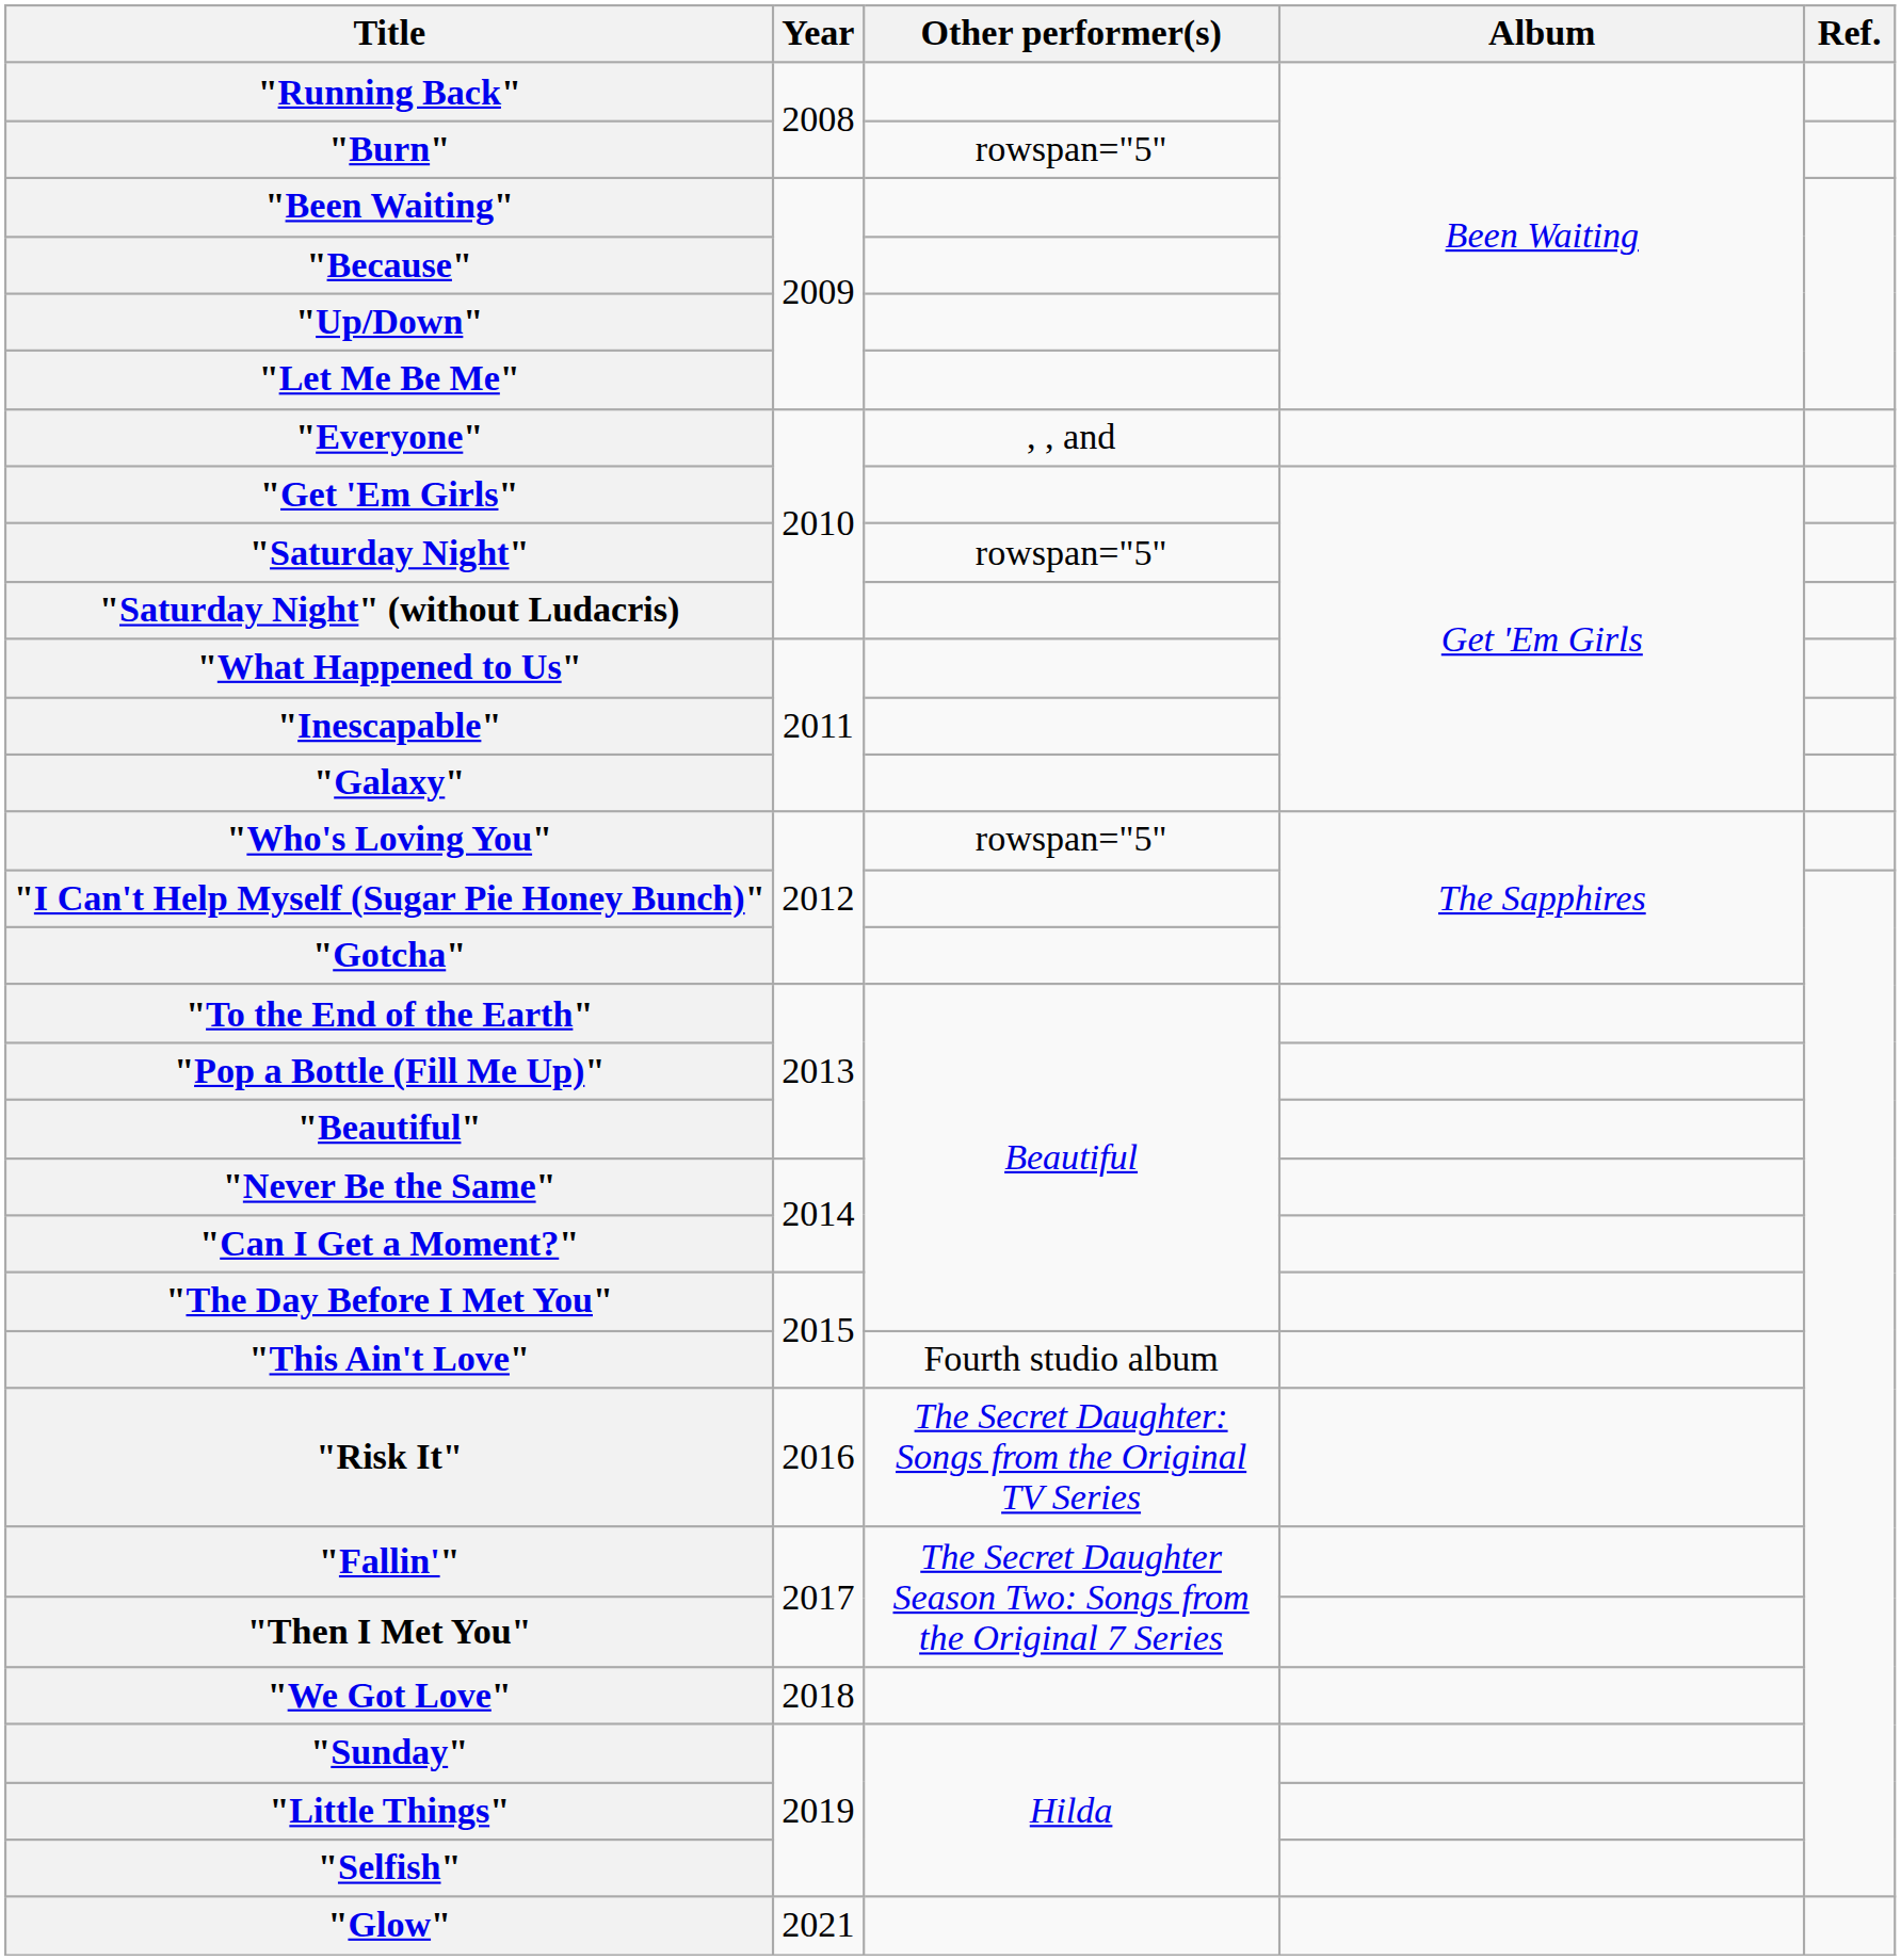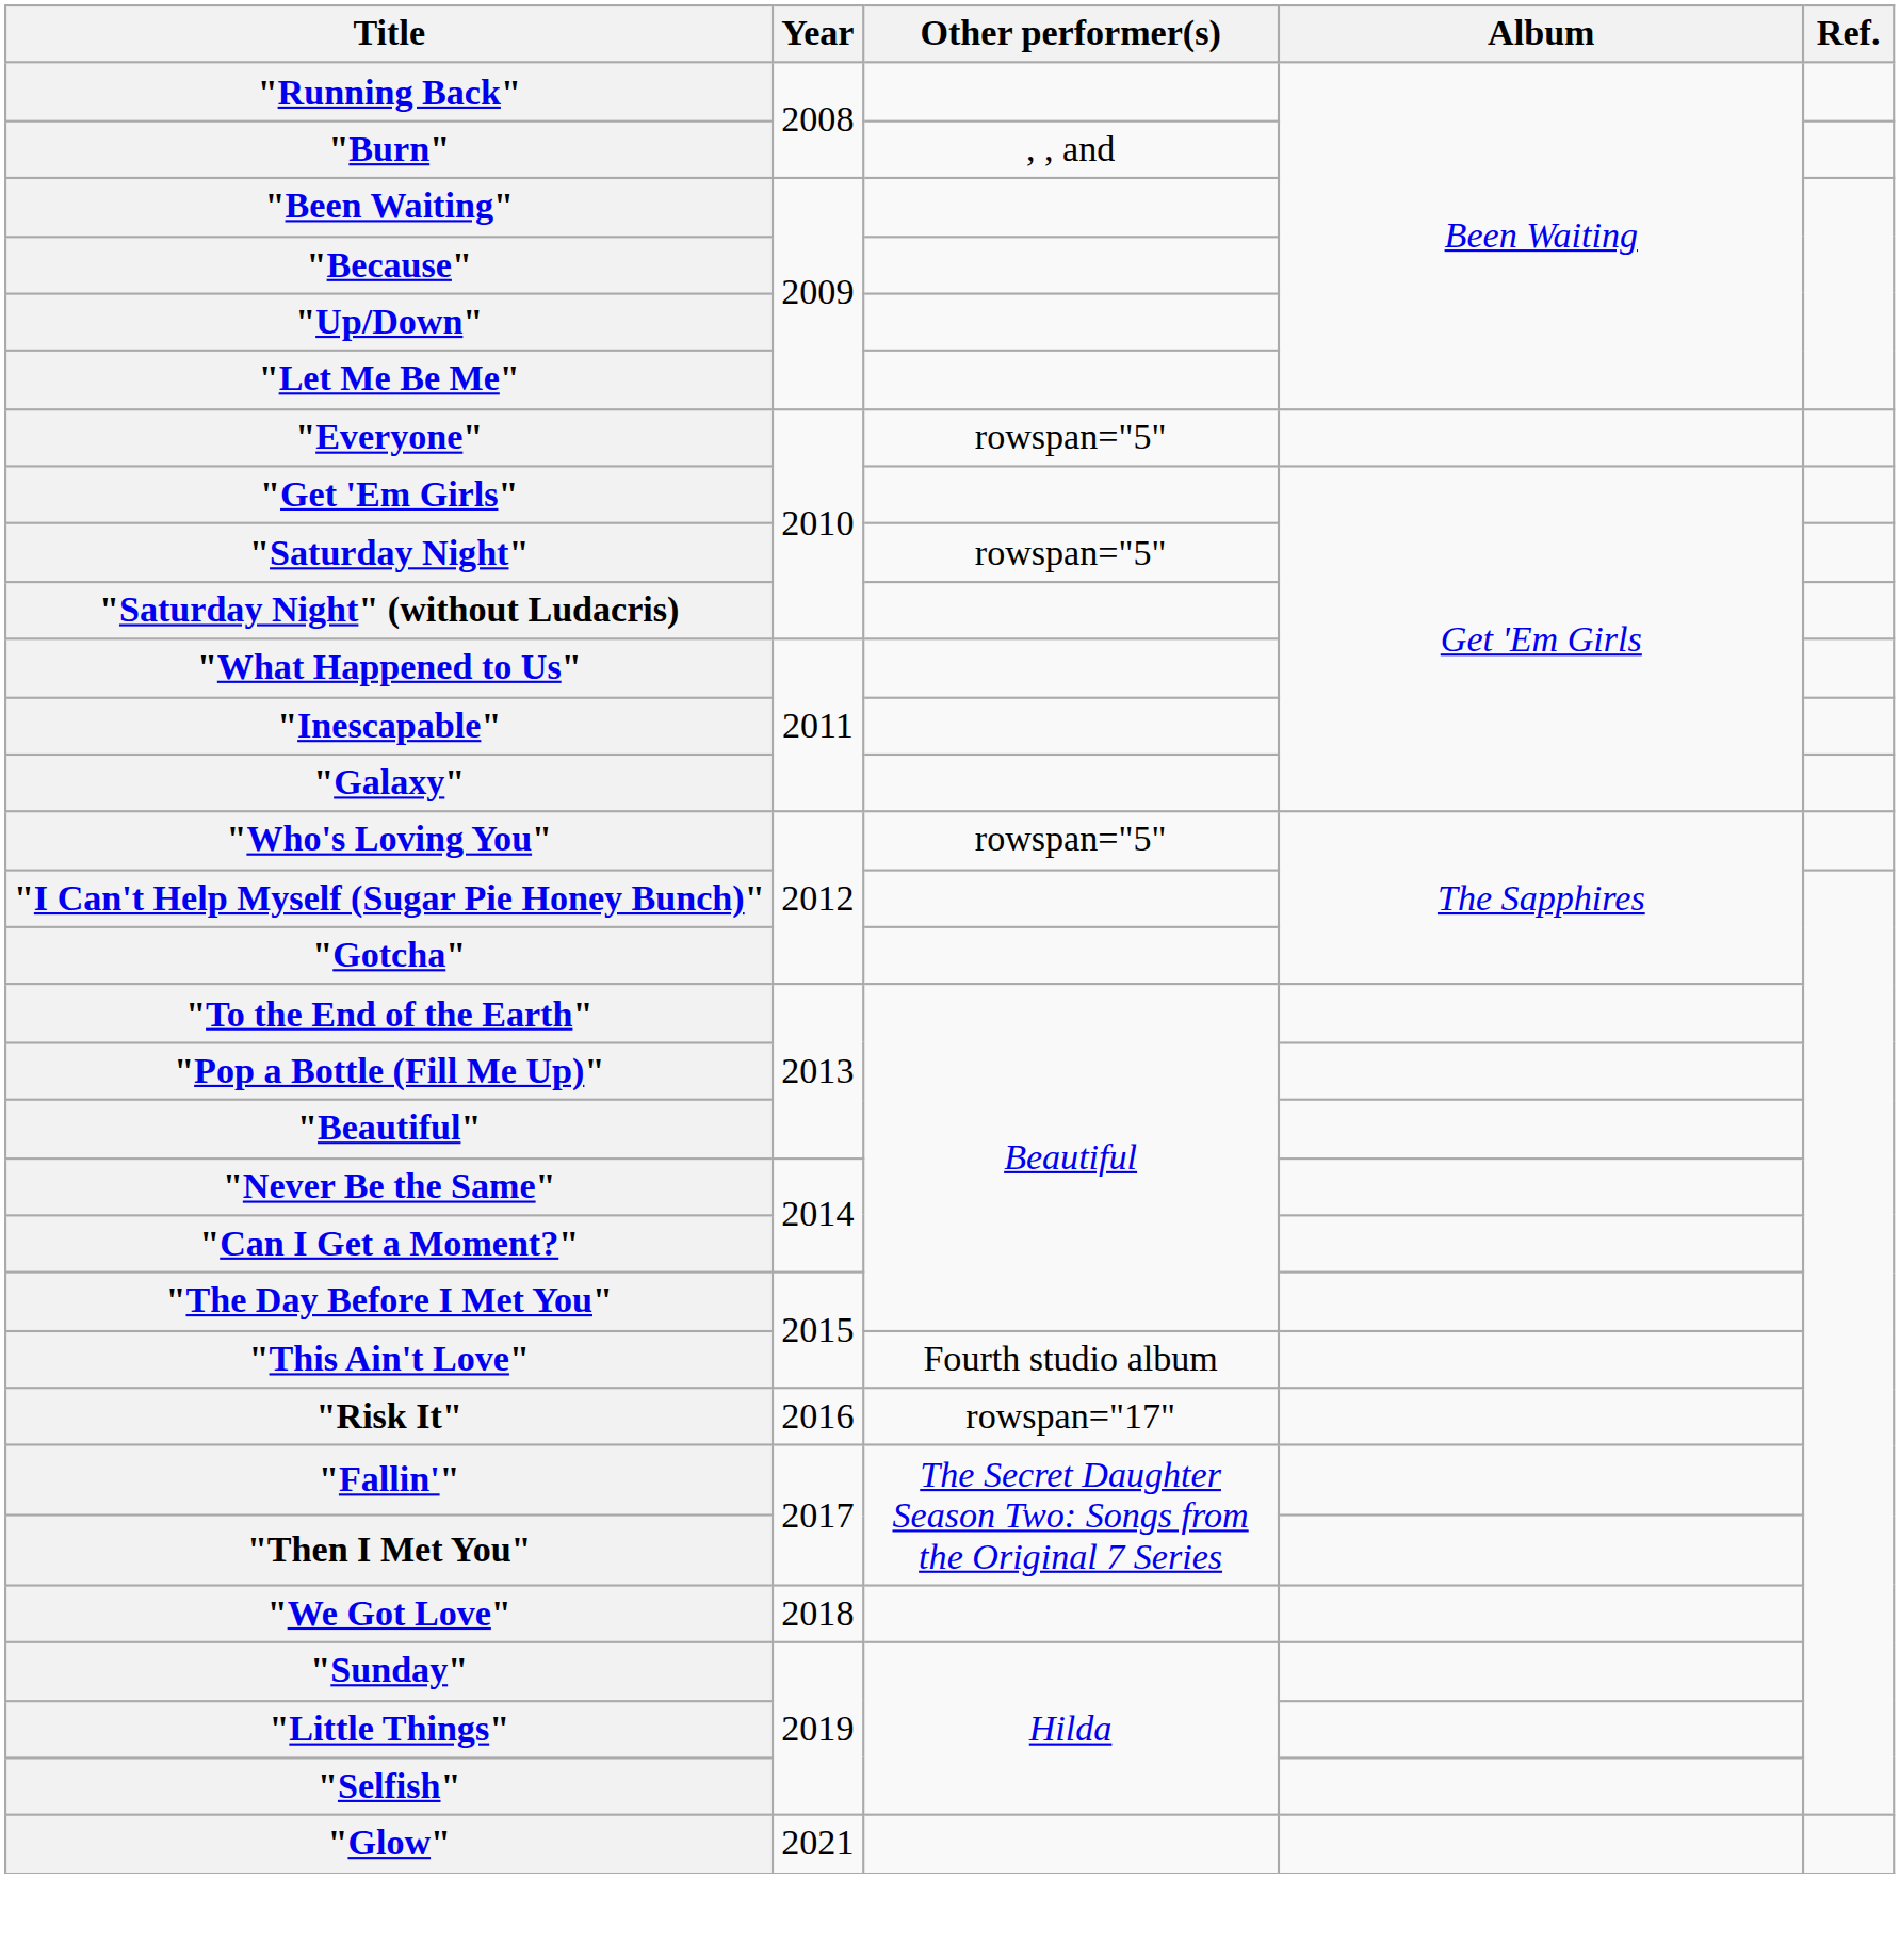 <table class="wikitable sortable plainrowheaders" style="text-align: center;">
 <tr>
 <th scope="col">Title</th>
 <th scope="col" style="width: 2em;">Year</th>
 <th scope="col" style="width: 11em;">Other performer(s)</th>
 <th scope="col" style="width: 14em;">Album</th>
 <th scope="col" style="width: 2em;" class="unsortable">Ref.</th>
 </tr>
 <tr>
 <th scope="row">"<a href='#'>Running Back</a>"</th>
 <td rowspan="2">2008</td>
 <td></td>
 <td rowspan="6"><em><a href='#'>Been Waiting</a></em></td>
 <td><br></td>
 </tr>
 <tr>
 <th scope="row">"<a href='#'>Burn</a>"</th>
-<td>rowspan="5" </td>
+<td>, ,  and </td>
 <td><br></td>
 </tr>
 <tr>
 <th scope="row">"<a href='#'>Been Waiting</a>"</th>
 <td rowspan="4">2009</td>
 <td><br></td>
 </tr>
 <tr>
 <th scope="row">"<a href='#'>Because</a>"</th>
 <td><br></td>
 </tr>
 <tr>
 <th scope="row">"<a href='#'>Up/Down</a>"</th>
 <td></td>
 </tr>
 <tr>
 <th scope="row">"<a href='#'>Let Me Be Me</a>"</th>
 <td></td>
 </tr>
 <tr>
 <th scope="row">"<a href='#'>Everyone</a>"</th>
 <td rowspan="4">2010</td>
-<td>, ,  and </td>
+<td>rowspan="5" </td>
 <td></td>
 <td></td>
 </tr>
 <tr>
 <th scope="row">"<a href='#'>Get 'Em Girls</a>"</th>
 <td></td>
 <td rowspan="6"><em><a href='#'>Get 'Em Girls</a></em></td>
 <td><br></td>
 </tr>
 <tr>
 <th scope="row">"<a href='#'>Saturday Night</a>"</th>
 <td>rowspan="5" </td>
 <td></td>
 </tr>
 <tr>
 <th scope="row">"<a href='#'>Saturday Night</a>" (without Ludacris)</th>
 <td></td>
 <td></td>
 </tr>
 <tr>
 <th scope="row">"<a href='#'>What Happened to Us</a>"</th>
 <td rowspan="3">2011</td>
 <td></td>
 <td></td>
 </tr>
 <tr>
 <th scope="row">"<a href='#'>Inescapable</a>"</th>
 <td></td>
 <td></td>
 </tr>
 <tr>
 <th scope="row">"<a href='#'>Galaxy</a>"</th>
 <td></td>
 <td></td>
 </tr>
 <tr>
 <th scope="row">"<a href='#'>Who's Loving You</a>"</th>
 <td rowspan="3">2012</td>
 <td>rowspan="5" </td>
 <td rowspan="3"><em><a href='#'>The Sapphires</a></em></td>
 <td></td>
 </tr>
 <tr>
 <th scope="row">"<a href='#'>I Can't Help Myself (Sugar Pie Honey Bunch)</a>"</th>
 <td></td>
 </tr>
 <tr>
 <th scope="row">"<a href='#'>Gotcha</a>"</th>
 <td></td>
 </tr>
 <tr>
 <th scope="row">"<a href='#'>To the End of the Earth</a>"</th>
 <td rowspan="3">2013</td>
 <td rowspan="6"><em><a href='#'>Beautiful</a></em></td>
 <td></td>
 </tr>
 <tr>
 <th scope="row">"<a href='#'>Pop a Bottle (Fill Me Up)</a>"</th>
 <td></td>
 </tr>
 <tr>
 <th scope="row">"<a href='#'>Beautiful</a>"</th>
 <td></td>
 </tr>
 <tr>
 <th scope="row">"<a href='#'>Never Be the Same</a>"</th>
 <td rowspan="2">2014</td>
 <td><br></td>
 </tr>
 <tr>
 <th scope="row">"<a href='#'>Can I Get a Moment?</a>"</th>
 <td></td>
 </tr>
 <tr>
 <th scope="row">"<a href='#'>The Day Before I Met You</a>"</th>
 <td rowspan="2">2015</td>
 <td><br></td>
 </tr>
 <tr>
 <th scope="row">"<a href='#'>This Ain't Love</a>"</th>
 <td>Fourth studio album</td>
 <td></td>
 </tr>
 <tr>
 <th scope="row">"Risk It"</th>
 <td>2016</td>
-<td><em><a href='#'>The Secret Daughter: Songs from the Original TV Series</a></em></td>
+<td>rowspan="17" </td>
 <td></td>
 </tr>
 <tr>
 <th scope="row">"<a href='#'>Fallin'</a>"</th>
 <td rowspan="2">2017</td>
 <td rowspan="2"><em><a href='#'>The Secret Daughter Season Two: Songs from the Original 7 Series</a></em></td>
 <td></td>
 </tr>
 <tr>
 <th scope="row">"Then I Met You"</th>
 <td></td>
 </tr>
 <tr>
 <th scope="row">"<a href='#'>We Got Love</a>"</th>
 <td>2018</td>
 <td></td>
 <td></td>
 </tr>
 <tr>
 <th scope="row">"<a href='#'>Sunday</a>"</th>
 <td rowspan="3">2019</td>
 <td rowspan="3"><em><a href='#'>Hilda</a></em></td>
 <td></td>
 </tr>
 <tr>
 <th scope="row">"<a href='#'>Little Things</a>"</th>
 <td></td>
 </tr>
 <tr>
 <th scope="row">"<a href='#'>Selfish</a>"</th>
 <td></td>
 </tr>
 <tr>
 <th scope="row">"<a href='#'>Glow</a>"</th>
 <td>2021</td>
 <td></td>
 <td></td>
 <td></td>
 </tr>
 <tr>
 </tr>
 </table>
